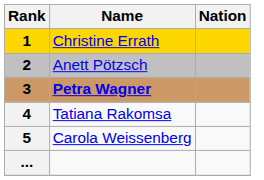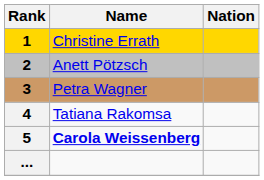 <table class="wikitable">
 <tr>
 <th>Rank</th>
 <th>Name</th>
 <th>Nation</th>
 </tr>
 <tr bgcolor="gold">
 <td align="center"><strong>1</strong></td>
 <td><a href='#'>Christine Errath</a></td>
 <td></td>
 </tr>
 <tr bgcolor="silver">
 <td align="center"><strong>2</strong></td>
 <td><a href='#'>Anett Pötzsch</a></td>
 <td></td>
 </tr>
 <tr bgcolor="cc9966">
 <td align="center"><strong>3</strong></td>
-<td><strong><a href='#'>Petra Wagner</a></strong></td>
+<td><a href='#'>Petra Wagner</a></td>
 <td></td>
 </tr>
 <tr>
 <th>4</th>
 <td><a href='#'>Tatiana Rakomsa</a></td>
 <td></td>
 </tr>
 <tr>
 <th>5</th>
-<td><a href='#'>Carola Weissenberg</a></td>
+<td><strong><a href='#'>Carola Weissenberg</a></strong></td>
 <td></td>
 </tr>
 <tr>
 <th>...</th>
 <td></td>
 <td></td>
 </tr>
 <tr>
 </tr>
 </table>
